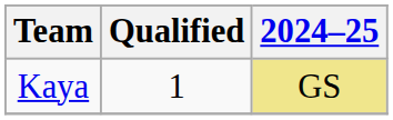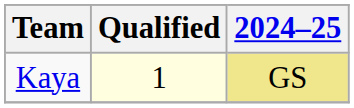 <table class="wikitable" style="text-align: center">
 <tr>
 <th>Team</th>
 <th>Qualified</th>
 <th><a href='#'>2024–25</a></th>
 </tr>
 <tr>
 <td><a href='#'>Kaya</a></td>
-<td>1</td>
+<td style="background: lightyellow;">1</td>
 <td style="background: khaki;">GS</td>
 </tr>
 <tr>
 </tr>
 </table>
